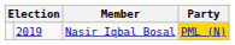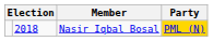 <table class="wikitable">
 <tr>
 <th colspan="2">Election</th>
 <th>Member</th>
 <th>Party</th>
 </tr>
 <tr>
 <td style="background-color: "></td>
-<td><a href='#'>2019</a></td>
+<td><a href='#'>2018</a></td>
 <td><a href='#'>Nasir Iqbal Bosal</a></td>
 <td style="background: gold;"><a href='#'>PML (N)</a></td>
 </tr>
 </table>
